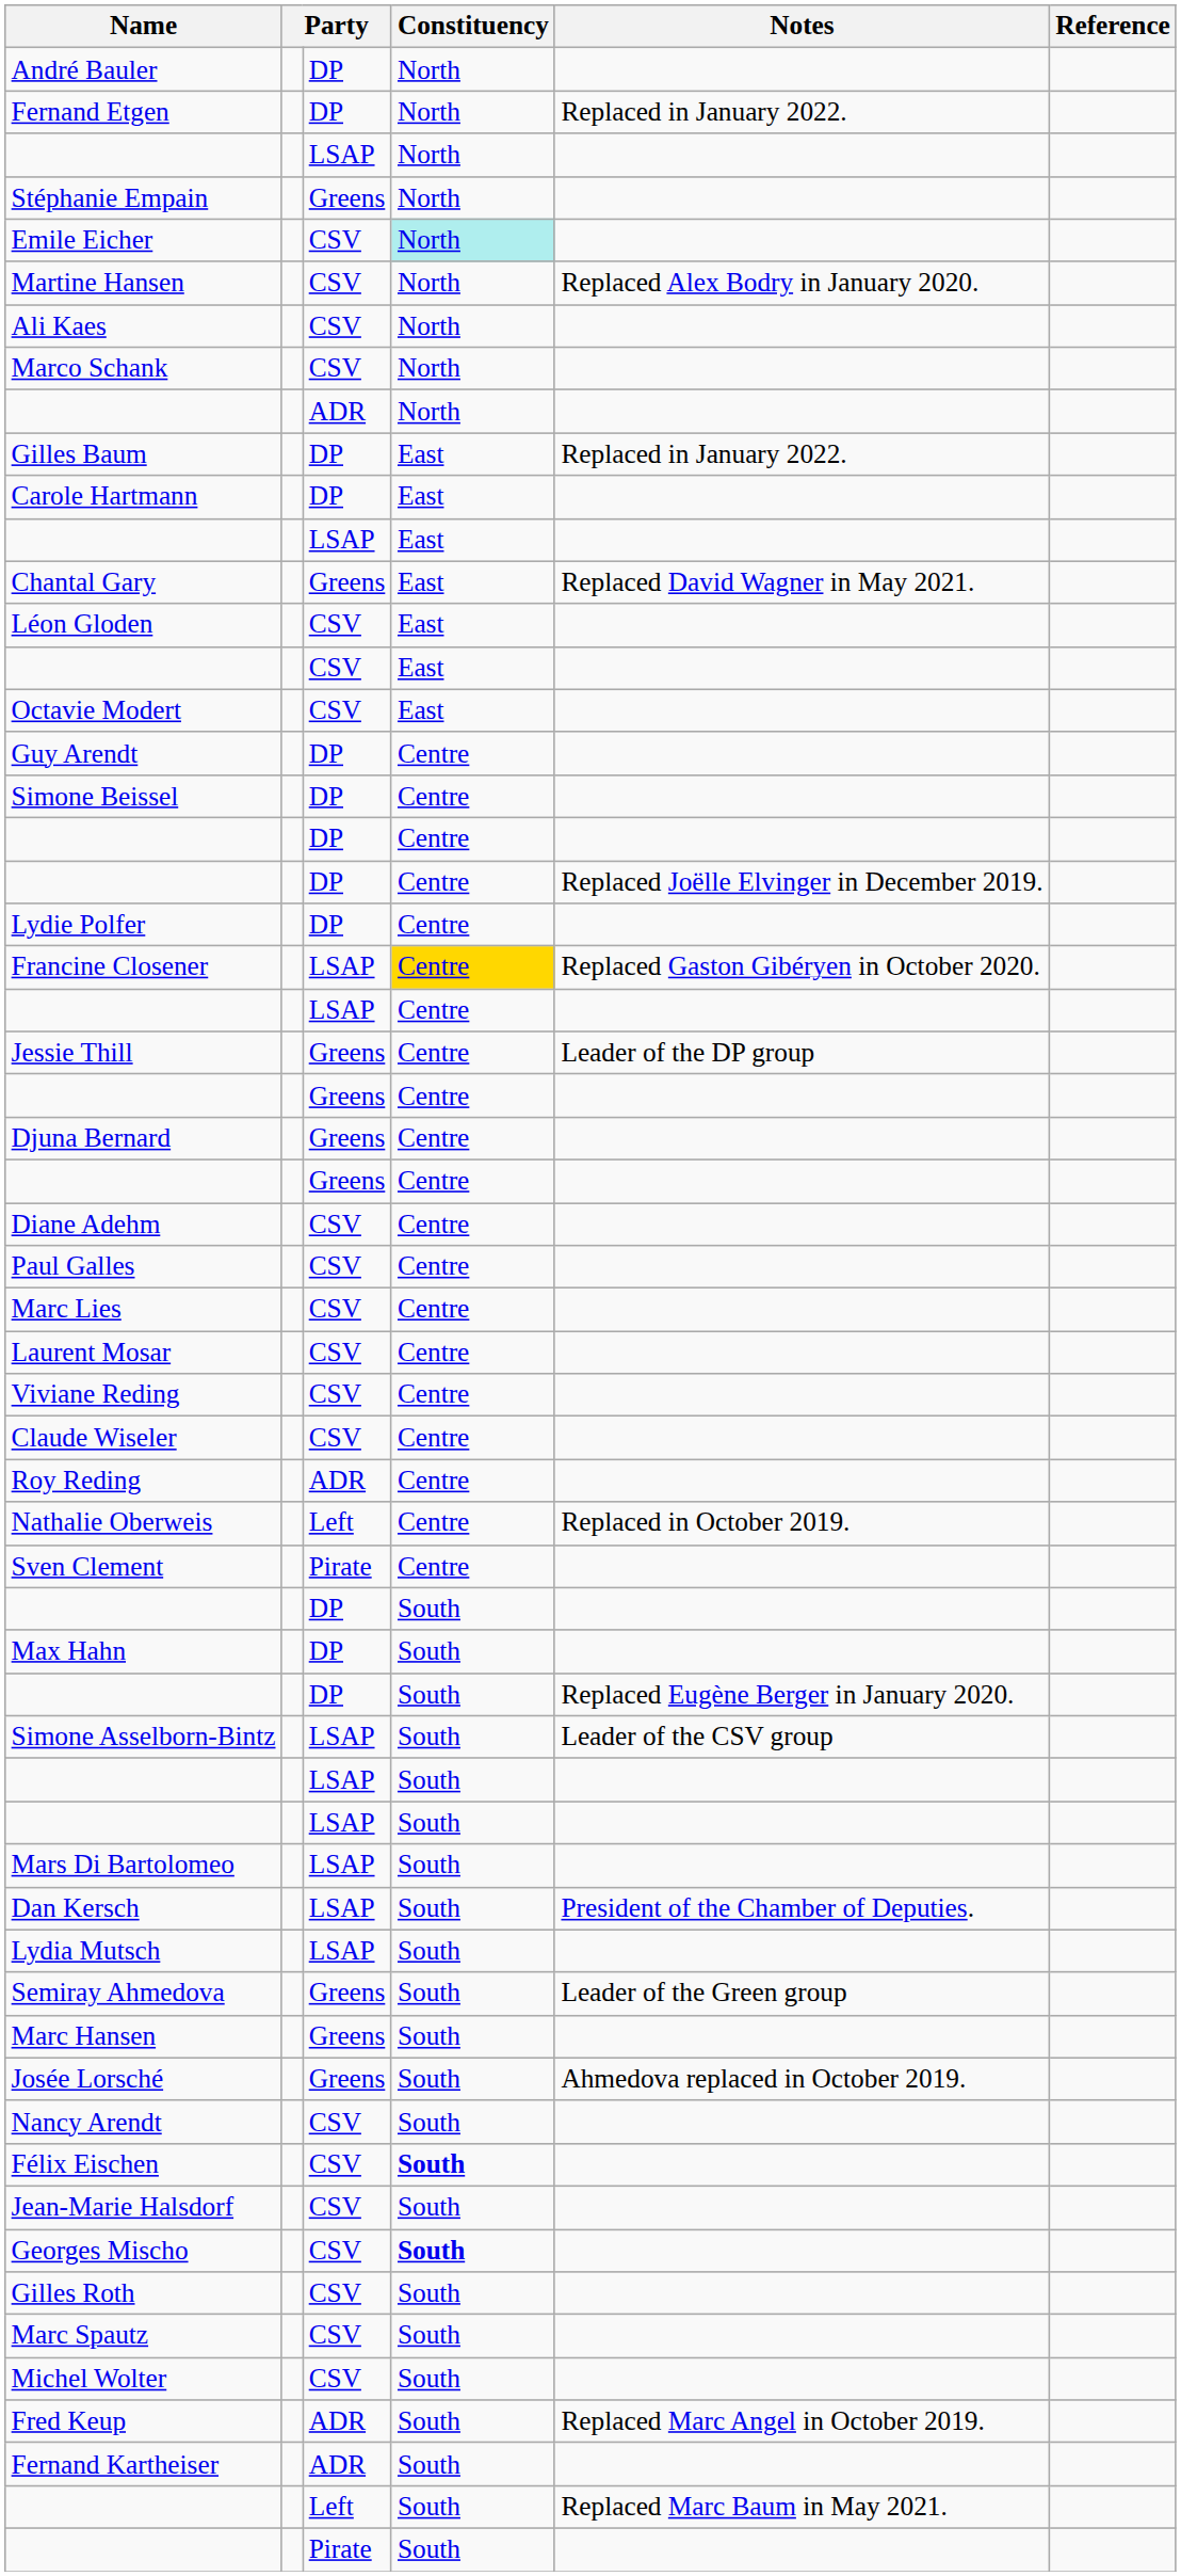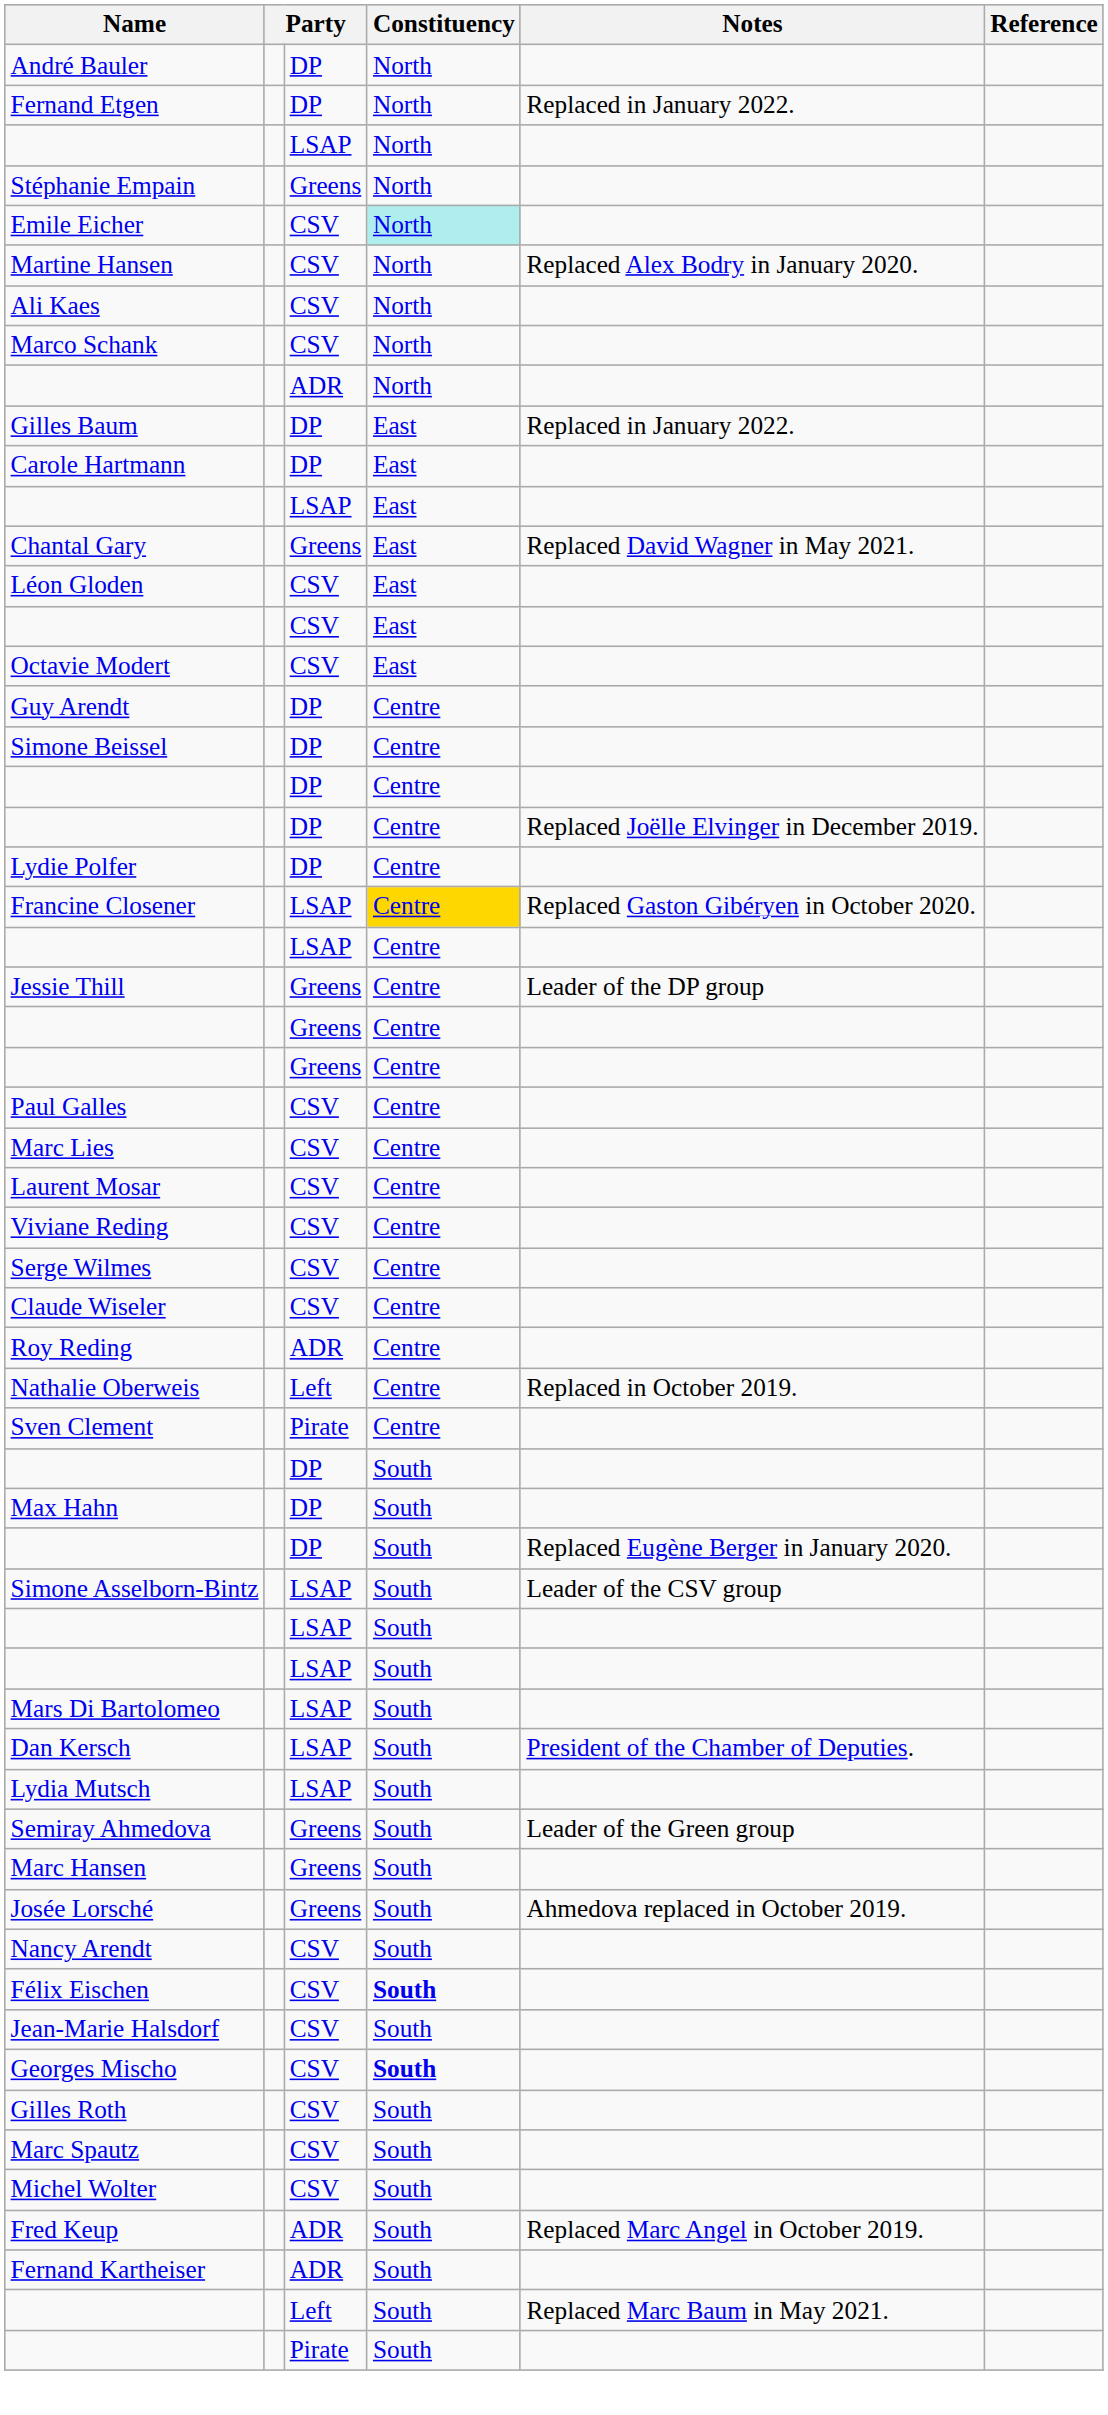 <table class="wikitable sortable">
 <tr>
 <th>Name</th>
 <th colspan=2>Party</th>
 <th>Constituency</th>
 <th>Notes</th>
 <th>Reference</th>
 </tr>
 <tr>
 <td><a href='#'>André Bauler</a></td>
 <td style="background-color: "></td>
 <td><a href='#'>DP</a></td>
 <td><a href='#'>North</a></td>
 <td></td>
 <td></td>
 </tr>
 <tr>
 <td><a href='#'>Fernand Etgen</a></td>
 <td style="background-color: "></td>
 <td><a href='#'>DP</a></td>
 <td><a href='#'>North</a></td>
 <td>Replaced  in January 2022.</td>
 <td></td>
 </tr>
 <tr>
 <td></td>
 <td style="background-color: "></td>
 <td><a href='#'>LSAP</a></td>
 <td><a href='#'>North</a></td>
 <td></td>
 <td></td>
 </tr>
 <tr>
 <td><a href='#'>Stéphanie Empain</a></td>
 <td style="background-color: "></td>
 <td><a href='#'>Greens</a></td>
 <td><a href='#'>North</a></td>
 <td></td>
 <td></td>
 </tr>
 <tr>
 <td><a href='#'>Emile Eicher</a></td>
 <td style="background-color: "></td>
 <td><a href='#'>CSV</a></td>
 <td style="background: paleturquoise;"><a href='#'>North</a></td>
 <td></td>
 <td></td>
 </tr>
 <tr>
 <td><a href='#'>Martine Hansen</a></td>
 <td style="background-color: "></td>
 <td><a href='#'>CSV</a></td>
 <td><a href='#'>North</a></td>
 <td>Replaced <a href='#'>Alex Bodry</a> in January 2020.</td>
 <td></td>
 </tr>
 <tr>
 <td><a href='#'>Ali Kaes</a></td>
 <td width=5px style="background-color: "></td>
 <td><a href='#'>CSV</a></td>
 <td><a href='#'>North</a></td>
 <td></td>
 <td></td>
 </tr>
 <tr>
 <td><a href='#'>Marco Schank</a></td>
 <td width=5px style="background-color: "></td>
 <td><a href='#'>CSV</a></td>
 <td><a href='#'>North</a></td>
 <td></td>
 <td></td>
 </tr>
 <tr>
 <td></td>
 <td style="background-color: "></td>
 <td><a href='#'>ADR</a></td>
 <td><a href='#'>North</a></td>
 <td></td>
 <td></td>
 </tr>
 <tr>
 <td><a href='#'>Gilles Baum</a></td>
 <td style="background-color: "></td>
 <td><a href='#'>DP</a></td>
 <td><a href='#'>East</a></td>
 <td>Replaced  in January 2022.</td>
 <td></td>
 </tr>
 <tr>
 <td><a href='#'>Carole Hartmann</a></td>
 <td width=5px style="background-color: "></td>
 <td><a href='#'>DP</a></td>
 <td><a href='#'>East</a></td>
 <td></td>
 <td></td>
 </tr>
 <tr>
 <td></td>
 <td style="background-color: "></td>
 <td><a href='#'>LSAP</a></td>
 <td><a href='#'>East</a></td>
 <td></td>
 <td></td>
 </tr>
 <tr>
 <td><a href='#'>Chantal Gary</a></td>
 <td style="background-color: "></td>
 <td><a href='#'>Greens</a></td>
 <td><a href='#'>East</a></td>
 <td>Replaced <a href='#'>David Wagner</a> in May 2021.</td>
 <td></td>
 </tr>
 <tr>
 <td><a href='#'>Léon Gloden</a></td>
 <td style="background-color: "></td>
 <td><a href='#'>CSV</a></td>
 <td><a href='#'>East</a></td>
 <td></td>
 <td></td>
 </tr>
 <tr>
 <td></td>
 <td style="background-color: "></td>
 <td><a href='#'>CSV</a></td>
 <td><a href='#'>East</a></td>
 <td></td>
 <td></td>
 </tr>
 <tr>
 <td><a href='#'>Octavie Modert</a></td>
 <td style="background-color: "></td>
 <td><a href='#'>CSV</a></td>
 <td><a href='#'>East</a></td>
 <td></td>
 <td></td>
 </tr>
 <tr>
 <td><a href='#'>Guy Arendt</a></td>
 <td style="background-color: "></td>
 <td><a href='#'>DP</a></td>
 <td><a href='#'>Centre</a></td>
 <td></td>
 <td></td>
 </tr>
 <tr>
 <td><a href='#'>Simone Beissel</a></td>
 <td style="background-color: "></td>
 <td><a href='#'>DP</a></td>
 <td><a href='#'>Centre</a></td>
 <td></td>
 <td></td>
 </tr>
 <tr>
 <td></td>
 <td style="background-color: "></td>
 <td><a href='#'>DP</a></td>
 <td><a href='#'>Centre</a></td>
 <td></td>
 <td></td>
 </tr>
 <tr>
 <td></td>
 <td style="background-color: "></td>
 <td><a href='#'>DP</a></td>
 <td><a href='#'>Centre</a></td>
 <td>Replaced <a href='#'>Joëlle Elvinger</a> in December 2019.</td>
 <td></td>
 </tr>
 <tr>
 <td><a href='#'>Lydie Polfer</a></td>
 <td width=5px style="background-color: "></td>
 <td><a href='#'>DP</a></td>
 <td><a href='#'>Centre</a></td>
 <td></td>
 <td></td>
 </tr>
 <tr>
 <td><a href='#'>Francine Closener</a></td>
 <td style="background-color: "></td>
 <td><a href='#'>LSAP</a></td>
 <td style="background: gold;"><a href='#'>Centre</a></td>
 <td>Replaced <a href='#'>Gaston Gibéryen</a> in October 2020.</td>
 <td></td>
 </tr>
 <tr>
 <td></td>
 <td style="background-color: "></td>
 <td><a href='#'>LSAP</a></td>
 <td><a href='#'>Centre</a></td>
 <td></td>
 <td></td>
 </tr>
 <tr>
 <td><a href='#'>Jessie Thill</a></td>
 <td style="background-color: "></td>
 <td><a href='#'>Greens</a></td>
 <td><a href='#'>Centre</a></td>
 <td>Leader of the DP group</td>
 <td></td>
 </tr>
 <tr>
 <td></td>
 <td style="background-color: "></td>
 <td><a href='#'>Greens</a></td>
 <td><a href='#'>Centre</a></td>
 <td></td>
 <td></td>
 </tr>
 <tr>
-<td><a href='#'>Djuna Bernard</a></td>
-<td style="background-color: "></td>
-<td><a href='#'>Greens</a></td>
-<td><a href='#'>Centre</a></td>
-<td></td>
-<td></td>
-</tr>
-<tr>
 <td></td>
 <td style="background-color: "></td>
 <td><a href='#'>Greens</a></td>
-<td><a href='#'>Centre</a></td>
-<td></td>
-<td></td>
-</tr>
-<tr>
-<td><a href='#'>Diane Adehm</a></td>
-<td style="background-color: "></td>
-<td><a href='#'>CSV</a></td>
 <td><a href='#'>Centre</a></td>
 <td></td>
 <td></td>
 </tr>
 <tr>
 <td><a href='#'>Paul Galles</a></td>
 <td width=5px style="background-color: "></td>
 <td><a href='#'>CSV</a></td>
 <td><a href='#'>Centre</a></td>
 <td></td>
 <td></td>
 </tr>
 <tr>
 <td><a href='#'>Marc Lies</a></td>
 <td style="background-color: "></td>
 <td><a href='#'>CSV</a></td>
 <td><a href='#'>Centre</a></td>
 <td></td>
 <td></td>
 </tr>
 <tr>
 <td><a href='#'>Laurent Mosar</a></td>
 <td style="background-color: "></td>
 <td><a href='#'>CSV</a></td>
 <td><a href='#'>Centre</a></td>
 <td></td>
 <td></td>
 </tr>
 <tr>
 <td><a href='#'>Viviane Reding</a></td>
+<td style="background-color: "></td>
+<td><a href='#'>CSV</a></td>
+<td><a href='#'>Centre</a></td>
+<td></td>
+<td></td>
+</tr>
+<tr>
+<td><a href='#'>Serge Wilmes</a></td>
 <td style="background-color: "></td>
 <td><a href='#'>CSV</a></td>
 <td><a href='#'>Centre</a></td>
 <td></td>
 <td></td>
 </tr>
 <tr>
 <td><a href='#'>Claude Wiseler</a></td>
 <td style="background-color: "></td>
 <td><a href='#'>CSV</a></td>
 <td><a href='#'>Centre</a></td>
 <td></td>
 <td></td>
 </tr>
 <tr>
 <td><a href='#'>Roy Reding</a></td>
 <td style="background-color: "></td>
 <td><a href='#'>ADR</a></td>
 <td><a href='#'>Centre</a></td>
 <td></td>
 <td></td>
 </tr>
 <tr>
 <td><a href='#'>Nathalie Oberweis</a></td>
 <td style="background-color: "></td>
 <td><a href='#'>Left</a></td>
 <td><a href='#'>Centre</a></td>
 <td>Replaced  in October 2019.</td>
 <td></td>
 </tr>
 <tr>
 <td><a href='#'>Sven Clement</a></td>
 <td style="background-color: "></td>
 <td><a href='#'>Pirate</a></td>
 <td><a href='#'>Centre</a></td>
 <td></td>
 <td></td>
 </tr>
 <tr>
 <td></td>
 <td style="background-color: "></td>
 <td><a href='#'>DP</a></td>
 <td><a href='#'>South</a></td>
 <td></td>
 <td></td>
 </tr>
 <tr>
 <td><a href='#'>Max Hahn</a></td>
 <td style="background-color: "></td>
 <td><a href='#'>DP</a></td>
 <td><a href='#'>South</a></td>
 <td></td>
 <td></td>
 </tr>
 <tr>
 <td></td>
 <td style="background-color: "></td>
 <td><a href='#'>DP</a></td>
 <td><a href='#'>South</a></td>
 <td>Replaced <a href='#'>Eugène Berger</a> in January 2020.</td>
 <td></td>
 </tr>
 <tr>
 <td><a href='#'>Simone Asselborn-Bintz</a></td>
 <td width=5px style="background-color: "></td>
 <td><a href='#'>LSAP</a></td>
 <td><a href='#'>South</a></td>
 <td>Leader of the CSV group</td>
 <td></td>
 </tr>
 <tr>
 <td></td>
 <td style="background-color: "></td>
 <td><a href='#'>LSAP</a></td>
 <td><a href='#'>South</a></td>
 <td></td>
 <td></td>
 </tr>
 <tr>
 <td></td>
 <td style="background-color: "></td>
 <td><a href='#'>LSAP</a></td>
 <td><a href='#'>South</a></td>
 <td></td>
 <td></td>
 </tr>
 <tr>
 <td><a href='#'>Mars Di Bartolomeo</a></td>
 <td style="background-color: "></td>
 <td><a href='#'>LSAP</a></td>
 <td><a href='#'>South</a></td>
 <td></td>
 <td></td>
 </tr>
 <tr>
 <td><a href='#'>Dan Kersch</a></td>
 <td style="background-color: "></td>
 <td><a href='#'>LSAP</a></td>
 <td><a href='#'>South</a></td>
 <td><a href='#'>President of the Chamber of Deputies</a>.</td>
 <td></td>
 </tr>
 <tr>
 <td><a href='#'>Lydia Mutsch</a></td>
 <td style="background-color: "></td>
 <td><a href='#'>LSAP</a></td>
 <td><a href='#'>South</a></td>
 <td></td>
 <td></td>
 </tr>
 <tr>
 <td><a href='#'>Semiray Ahmedova</a></td>
 <td style="background-color: "></td>
 <td><a href='#'>Greens</a></td>
 <td><a href='#'>South</a></td>
 <td>Leader of the Green group</td>
 <td></td>
 </tr>
 <tr>
 <td><a href='#'>Marc Hansen</a></td>
 <td style="background-color: "></td>
 <td><a href='#'>Greens</a></td>
 <td><a href='#'>South</a></td>
 <td></td>
 <td></td>
 </tr>
 <tr>
 <td><a href='#'>Josée Lorsché</a></td>
 <td style="background-color: "></td>
 <td><a href='#'>Greens</a></td>
 <td><a href='#'>South</a></td>
 <td>Ahmedova replaced  in October 2019.</td>
 <td></td>
 </tr>
 <tr>
 <td><a href='#'>Nancy Arendt</a></td>
 <td style="background-color: "></td>
 <td><a href='#'>CSV</a></td>
 <td><a href='#'>South</a></td>
 <td></td>
 <td></td>
 </tr>
 <tr>
 <td><a href='#'>Félix Eischen</a></td>
 <td style="background-color: "></td>
 <td><a href='#'>CSV</a></td>
 <td><strong><a href='#'>South</a></strong></td>
 <td></td>
 <td></td>
 </tr>
 <tr>
 <td><a href='#'>Jean-Marie Halsdorf</a></td>
 <td style="background-color: "></td>
 <td><a href='#'>CSV</a></td>
 <td><a href='#'>South</a></td>
 <td></td>
 <td></td>
 </tr>
 <tr>
 <td><a href='#'>Georges Mischo</a></td>
 <td style="background-color: "></td>
 <td><a href='#'>CSV</a></td>
 <td><strong><a href='#'>South</a></strong></td>
 <td></td>
 <td></td>
 </tr>
 <tr>
 <td><a href='#'>Gilles Roth</a></td>
 <td style="background-color: "></td>
 <td><a href='#'>CSV</a></td>
 <td><a href='#'>South</a></td>
 <td></td>
 <td></td>
 </tr>
 <tr>
 <td><a href='#'>Marc Spautz</a></td>
 <td style="background-color: "></td>
 <td><a href='#'>CSV</a></td>
 <td><a href='#'>South</a></td>
 <td></td>
 <td></td>
 </tr>
 <tr>
 <td><a href='#'>Michel Wolter</a></td>
 <td width=5px style="background-color: "></td>
 <td><a href='#'>CSV</a></td>
 <td><a href='#'>South</a></td>
 <td></td>
 <td></td>
 </tr>
 <tr>
 <td><a href='#'>Fred Keup</a></td>
 <td style="background-color: "></td>
 <td><a href='#'>ADR</a></td>
 <td><a href='#'>South</a></td>
 <td>Replaced <a href='#'>Marc Angel</a> in October 2019.</td>
 <td></td>
 </tr>
 <tr>
 <td><a href='#'>Fernand Kartheiser</a></td>
 <td style="background-color: "></td>
 <td><a href='#'>ADR</a></td>
 <td><a href='#'>South</a></td>
 <td></td>
 <td></td>
 </tr>
 <tr>
 <td></td>
 <td style="background-color: "></td>
 <td><a href='#'>Left</a></td>
 <td><a href='#'>South</a></td>
 <td>Replaced <a href='#'>Marc Baum</a> in May 2021.</td>
 <td></td>
 </tr>
 <tr>
 <td></td>
 <td style="background-color: "></td>
 <td><a href='#'>Pirate</a></td>
 <td><a href='#'>South</a></td>
 <td></td>
 <td></td>
 </tr>
 </table>
